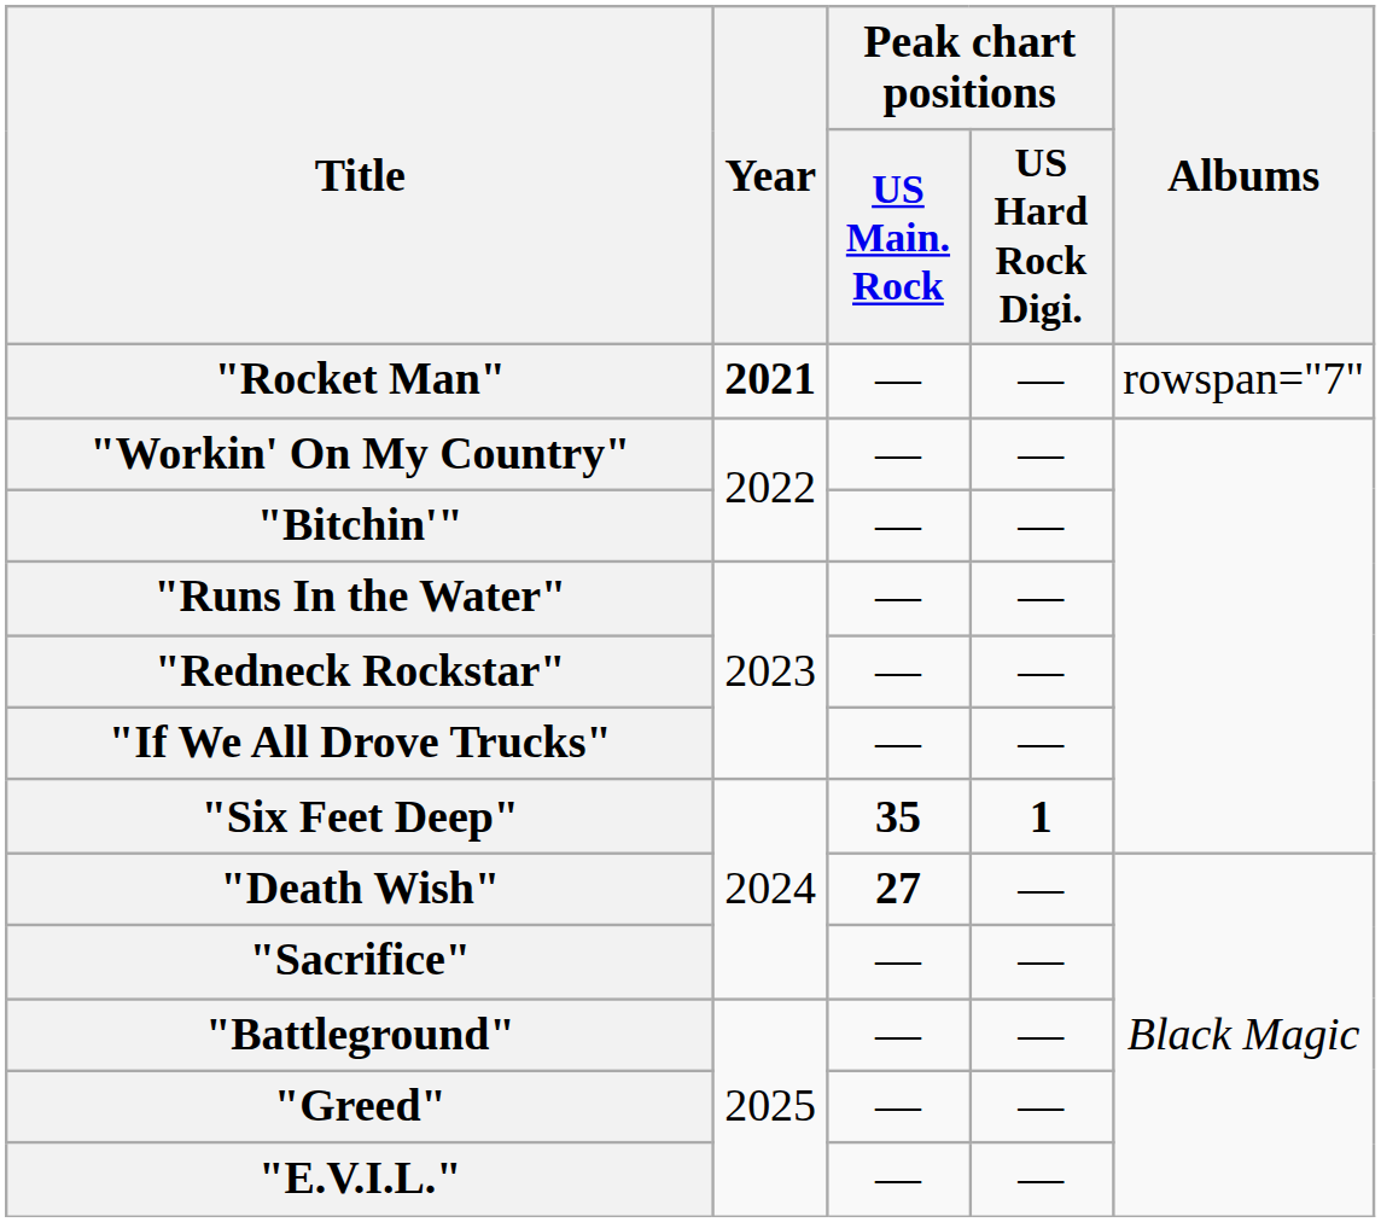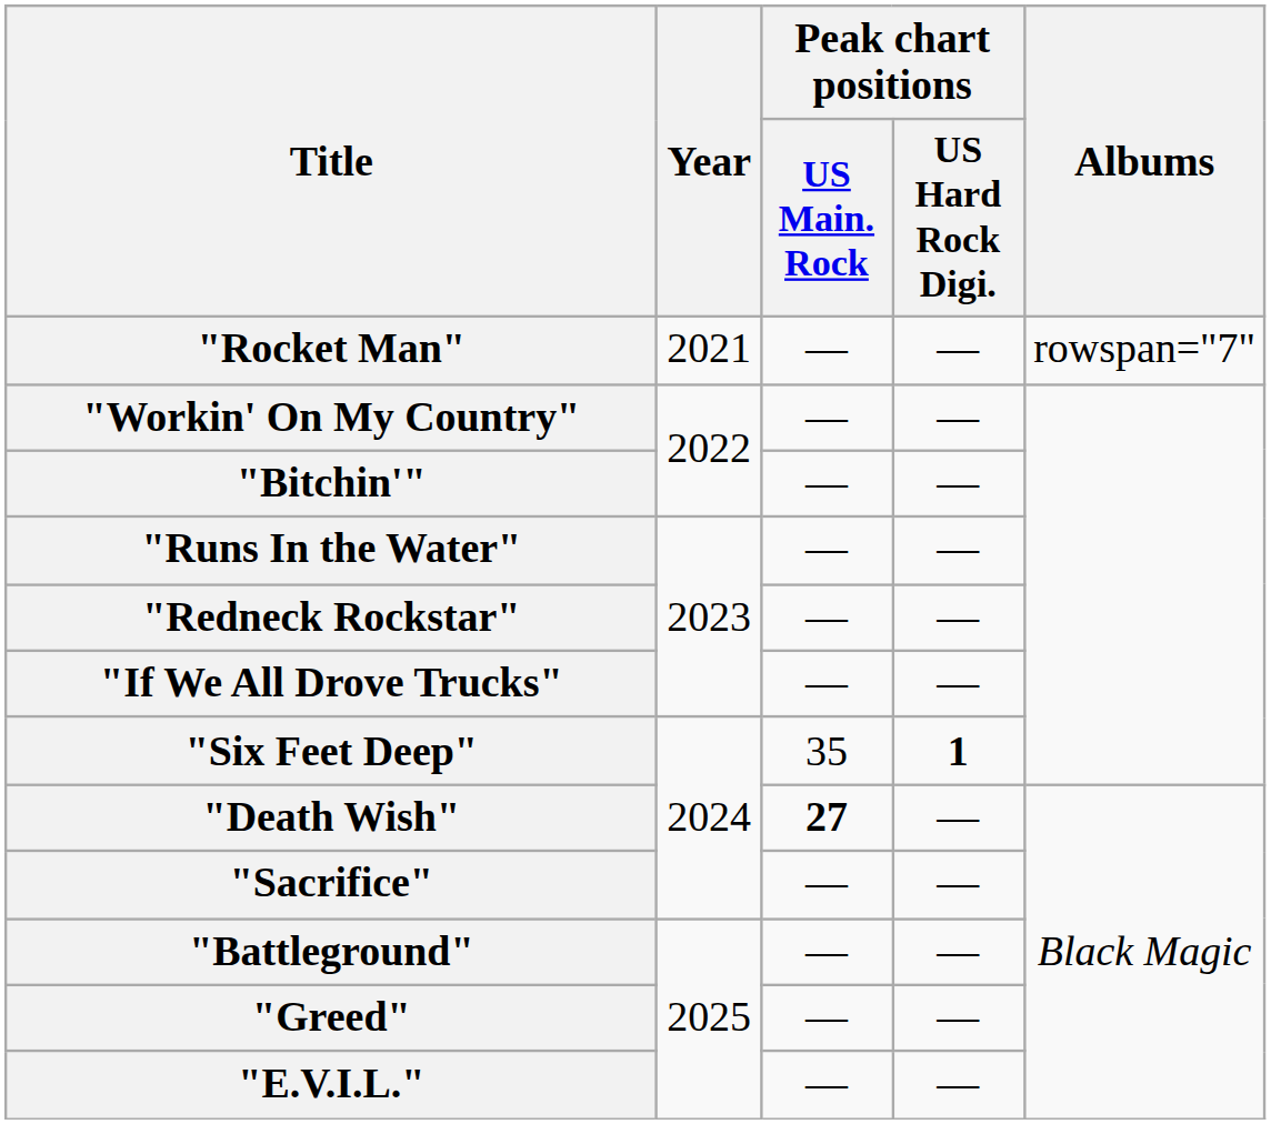 <table class="wikitable plainrowheaders" style="text-align:center;">
 <tr>
 <th scope="col" rowspan="2" style="width:15em;">Title</th>
 <th scope="col" rowspan="2">Year</th>
 <th scope="col" colspan="2">Peak chart positions</th>
 <th scope="col" rowspan="2">Albums</th>
 </tr>
 <tr>
 <th scope="col" style="width:3em;font-size:90%;"><a href='#'>US<br>Main.<br>Rock</a><br></th>
 <th scope="col" style="width:3em;font-size:90%;">US Hard Rock Digi.</th>
 </tr>
 <tr>
 <th scope="row">"Rocket Man"</th>
-<td><strong>2021</strong></td>
+<td>2021</td>
 <td>—</td>
 <td>—</td>
 <td>rowspan="7" </td>
 </tr>
 <tr>
 <th scope="row">"Workin' On My Country"</th>
 <td rowspan="2">2022</td>
 <td>—</td>
 <td>—</td>
 </tr>
 <tr>
 <th scope="row">"Bitchin'"</th>
 <td>—</td>
 <td>—</td>
 </tr>
 <tr>
 <th scope="row">"Runs In the Water"</th>
 <td rowspan="3">2023</td>
 <td>—</td>
 <td>—</td>
 </tr>
 <tr>
 <th scope="row">"Redneck Rockstar"</th>
 <td>—</td>
 <td>—</td>
 </tr>
 <tr>
 <th scope="row">"If We All Drove Trucks"</th>
 <td>—</td>
 <td>—</td>
 </tr>
 <tr>
 <th scope="row">"Six Feet Deep"</th>
 <td rowspan="3">2024</td>
-<td><strong>35</strong></td>
+<td>35</td>
 <td><strong>1</strong></td>
 </tr>
 <tr>
 <th scope="row">"Death Wish" </th>
 <td><strong>27</strong></td>
 <td>—</td>
 <td rowspan="5"><em>Black Magic</em></td>
 </tr>
 <tr>
 <th scope="row">"Sacrifice"</th>
 <td>—</td>
 <td>—</td>
 </tr>
 <tr>
 <th scope="row">"Battleground"</th>
 <td rowspan="3">2025</td>
 <td>—</td>
 <td>—</td>
 </tr>
 <tr>
 <th scope="row">"Greed"</th>
 <td>—</td>
 <td>—</td>
 </tr>
 <tr>
 <th scope="row">"E.V.I.L."</th>
 <td>—</td>
 <td>—</td>
 </tr>
 </table>
